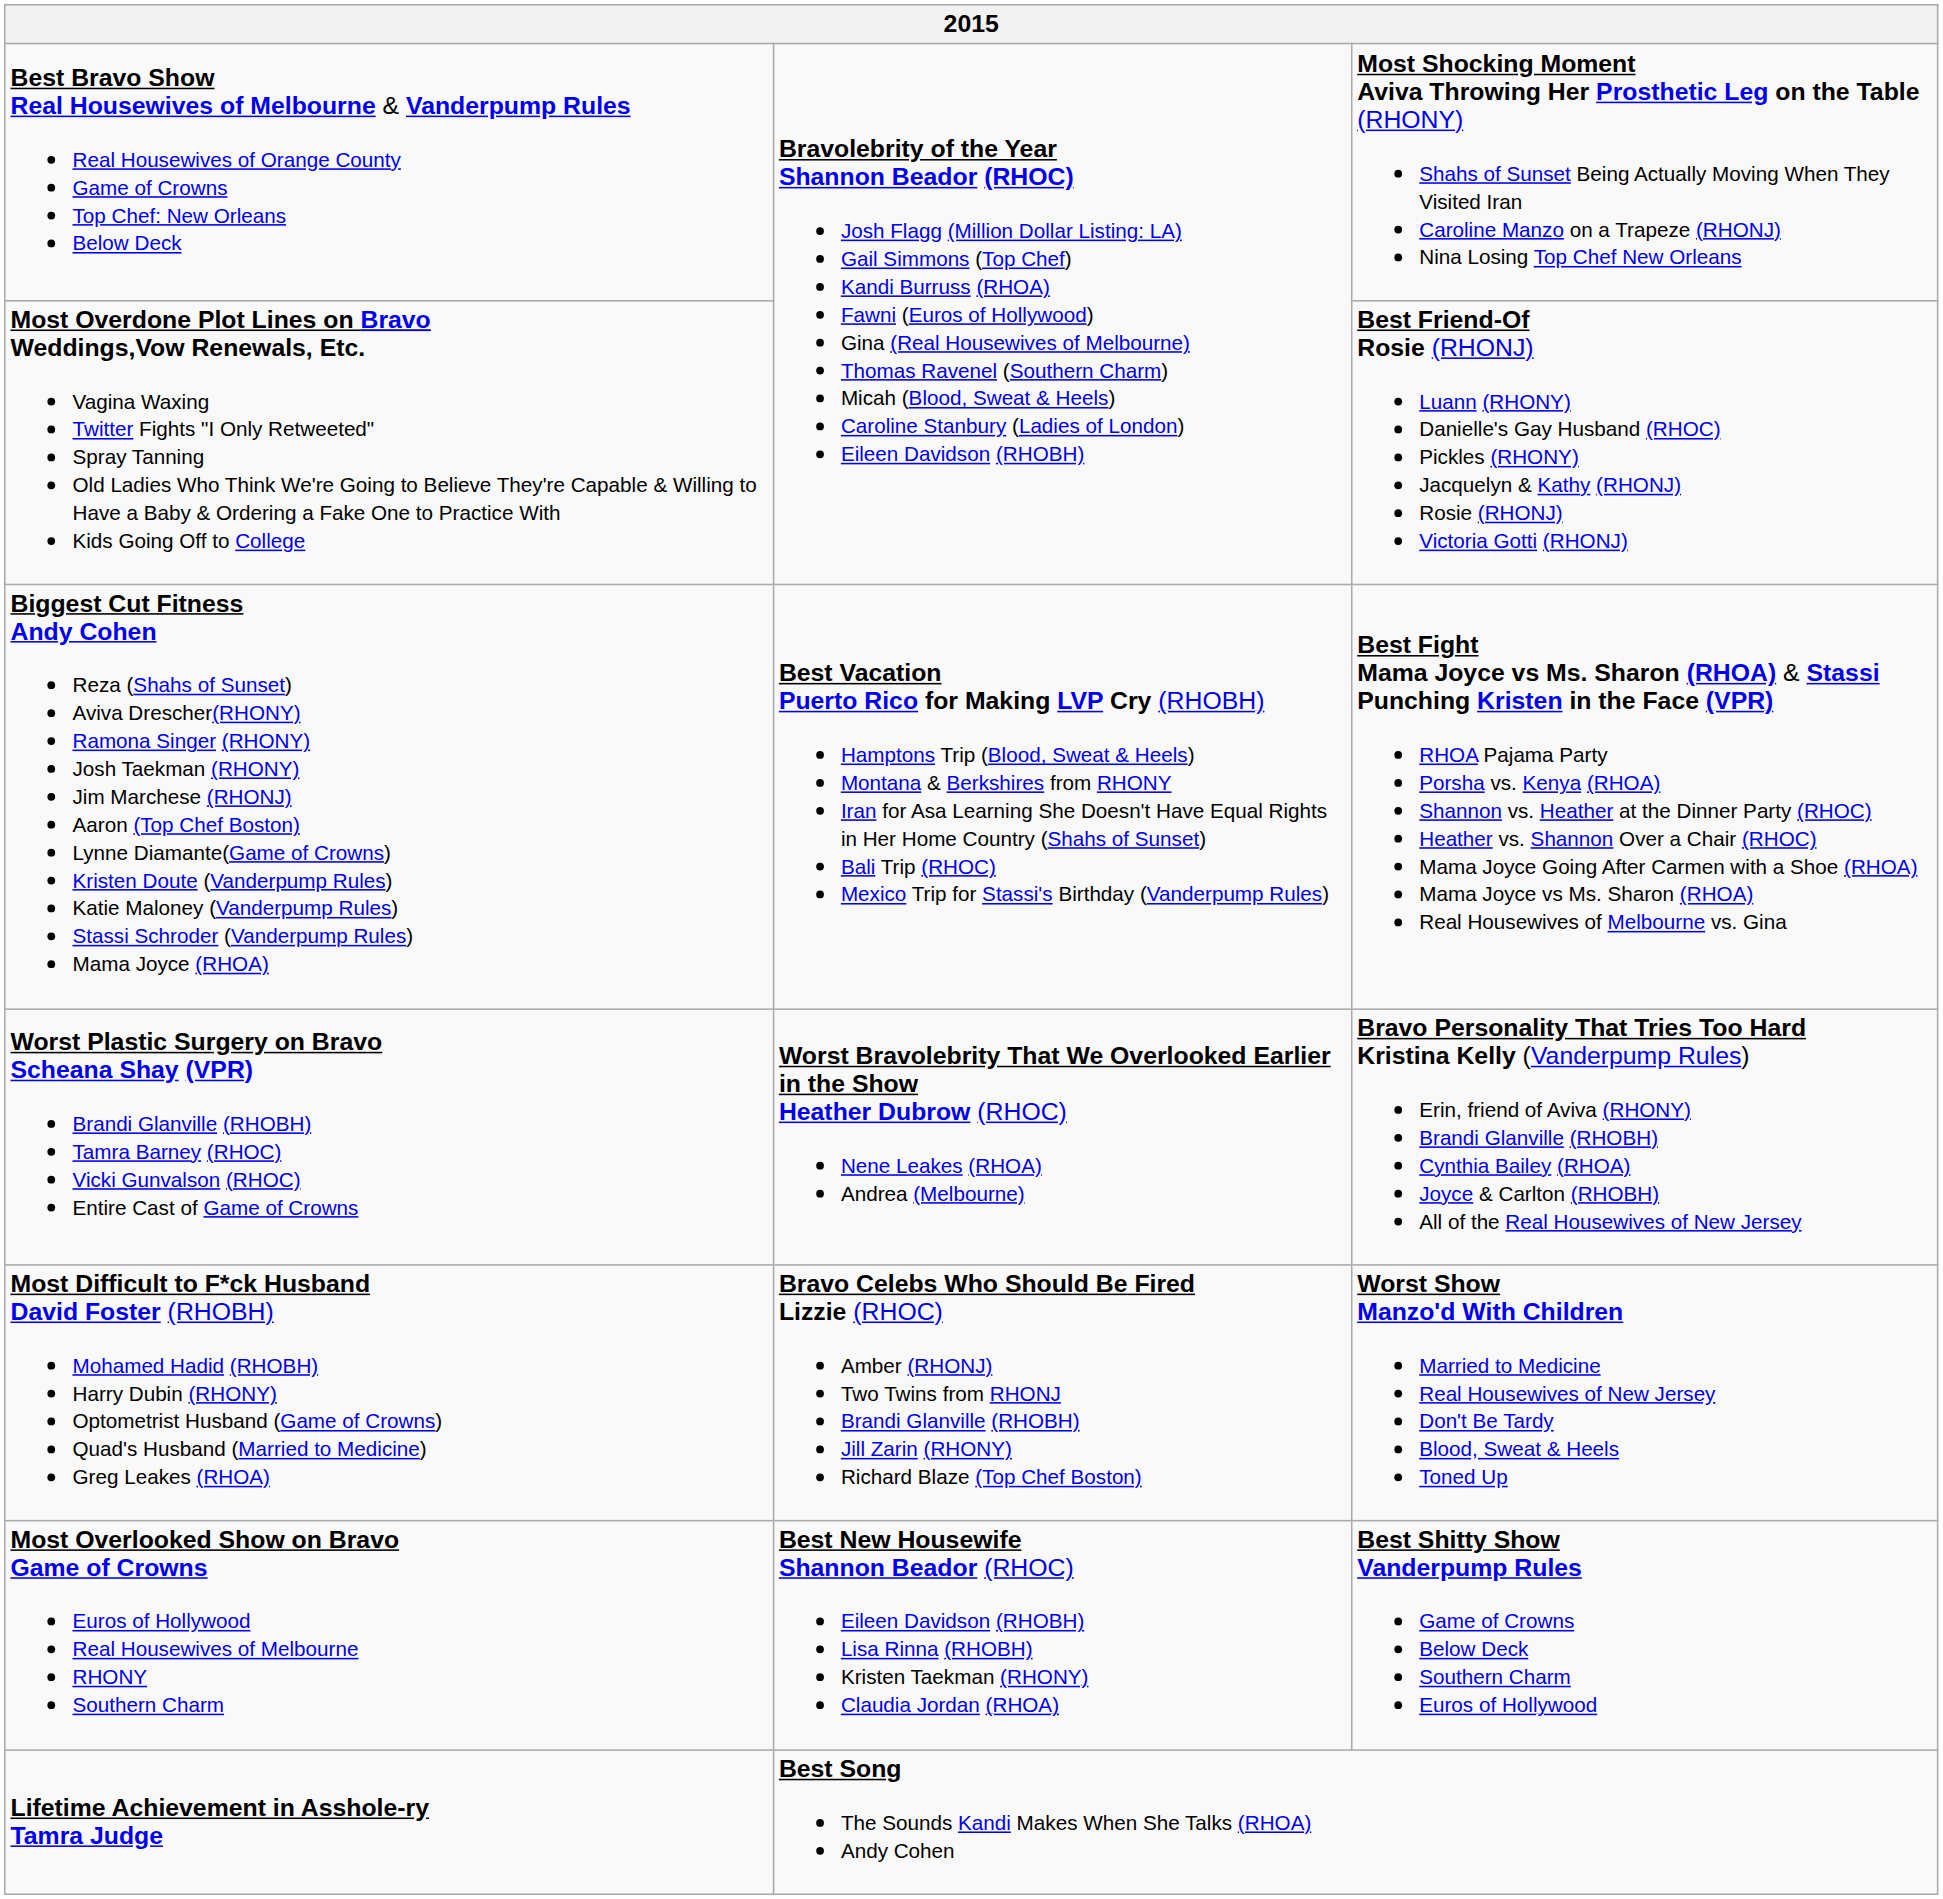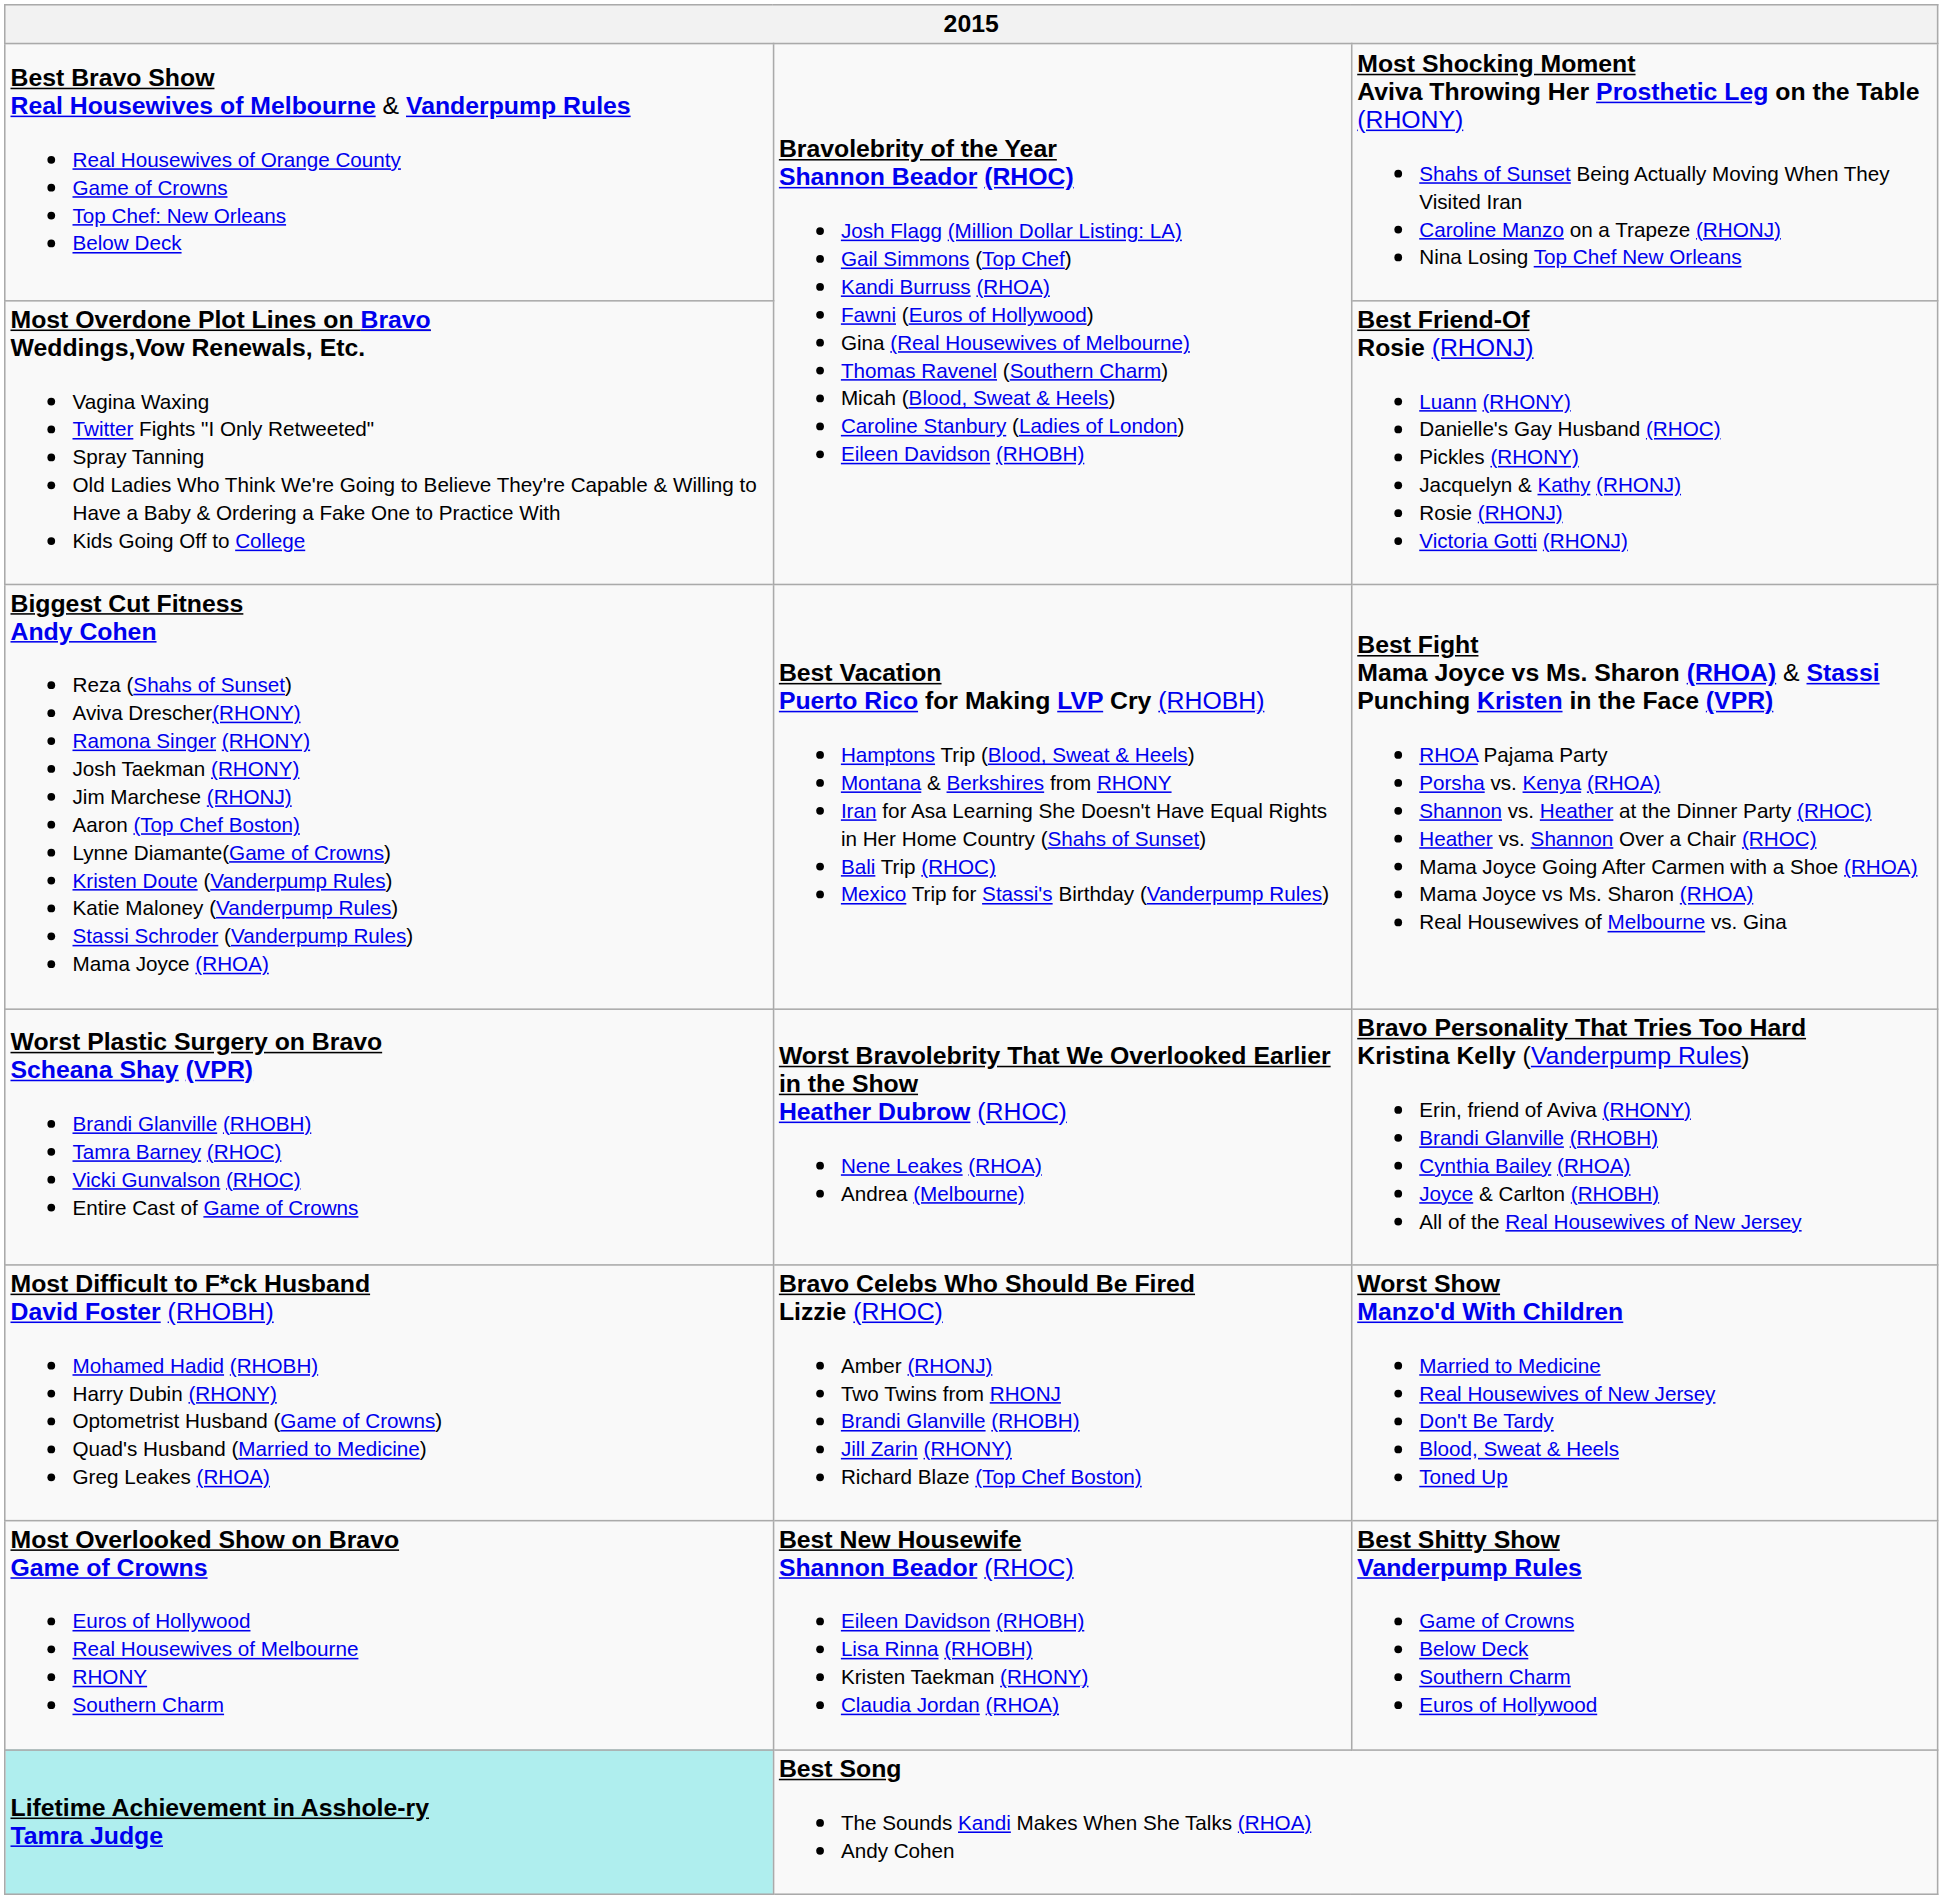 <table class="wikitable mw-collapsible mw-collapsed">
 <tr>
 <th colspan="3">2015</th>
 </tr>
 <tr>
 <td><strong><u>Best Bravo Show</u></strong><br><a href='#'><strong>Real Housewives of Melbourne</strong></a> & <strong><a href='#'>Vanderpump Rules</a></strong><ul><li><a href='#'><small>Real Housewives of Orange County</small></a></li><li><a href='#'><small>Game of Crowns</small></a></li><li><a href='#'><small>Top Chef: New Orleans</small></a></li><li><a href='#'><small>Below Deck</small></a></li></ul></td>
 <td rowspan="2"><strong><u>Bravolebrity of the Year</u></strong><br><strong><a href='#'>Shannon Beador</a> <a href='#'>(RHOC)</a></strong><ul><li><small><a href='#'>Josh Flagg</a> <a href='#'>(Million Dollar Listing: LA)</a></small></li><li><small><a href='#'>Gail Simmons</a> (<a href='#'>Top Chef</a>)</small></li><li><small><a href='#'>Kandi Burruss</a> <a href='#'>(RHOA)</a></small></li><li><small><a href='#'>Fawni</a> (<a href='#'>Euros of Hollywood</a>)</small></li><li><small>Gina <a href='#'>(Real Housewives of Melbourne)</a></small></li><li><small><a href='#'>Thomas Ravenel</a> (<a href='#'>Southern Charm</a>)</small></li><li><small>Micah (<a href='#'>Blood, Sweat & Heels</a>)</small></li><li><small><a href='#'>Caroline Stanbury</a> (<a href='#'>Ladies of London</a>)</small></li><li><small><a href='#'>Eileen Davidson</a> <a href='#'>(RHOBH)</a></small></li></ul></td>
 <td><strong><u>Most Shocking Moment</u></strong><br><strong>Aviva Throwing Her <a href='#'>Prosthetic Leg</a> on the Table</strong> <a href='#'>(RHONY)</a><ul><li><small><a href='#'>Shahs of Sunset</a> Being Actually Moving When They Visited Iran</small></li><li><small><a href='#'>Caroline Manzo</a> on a Trapeze <a href='#'>(RHONJ)</a></small></li><li><small>Nina Losing <a href='#'>Top Chef New Orleans</a></small></li></ul></td>
 </tr>
 <tr>
 <td><strong><u>Most Overdone Plot Lines on <a href='#'>Bravo</a></u></strong><br><strong>Weddings,Vow Renewals, Etc.</strong><ul><li><small>Vagina Waxing</small></li><li><small><a href='#'>Twitter</a> Fights "I Only Retweeted"</small></li><li><small>Spray Tanning</small></li><li><small>Old Ladies Who Think We're Going to Believe They're Capable & Willing to Have a Baby & Ordering a Fake One to Practice With</small></li><li><small>Kids Going Off to <a href='#'>College</a></small></li></ul></td>
 <td><strong><u>Best Friend-Of</u></strong><br><strong>Rosie</strong> <a href='#'>(RHONJ)</a><ul><li><small><a href='#'>Luann</a> <a href='#'>(RHONY)</a></small></li><li><small>Danielle's Gay Husband <a href='#'>(RHOC)</a></small></li><li><small>Pickles <a href='#'>(RHONY)</a></small></li><li><small>Jacquelyn & <a href='#'>Kathy</a> <a href='#'>(RHONJ)</a></small></li><li><small>Rosie <a href='#'>(RHONJ)</a></small></li><li><small><a href='#'>Victoria Gotti</a> <a href='#'>(RHONJ)</a></small></li></ul></td>
 </tr>
 <tr>
 <td><strong><u>Biggest Cut Fitness</u></strong><br><strong><a href='#'>Andy Cohen</a></strong><ul><li><small>Reza (<a href='#'>Shahs of Sunset</a>)</small></li><li><small>Aviva Drescher<a href='#'>(RHONY)</a></small></li><li><small><a href='#'>Ramona Singer</a> <a href='#'>(RHONY)</a></small></li><li><small>Josh Taekman <a href='#'>(RHONY)</a></small></li><li><small>Jim Marchese <a href='#'>(RHONJ)</a></small></li><li><small>Aaron <a href='#'>(Top Chef Boston)</a></small></li><li><small>Lynne Diamante(<a href='#'>Game of Crowns</a>)</small></li><li><small><a href='#'>Kristen Doute</a> (<a href='#'>Vanderpump Rules</a>)</small></li><li><small>Katie Maloney (<a href='#'>Vanderpump Rules</a>)</small></li><li><small><a href='#'>Stassi Schroder</a> (<a href='#'>Vanderpump Rules</a>)</small></li><li><small>Mama Joyce <a href='#'>(RHOA)</a></small></li></ul></td>
 <td><strong><u>Best Vacation</u></strong><br><strong><a href='#'>Puerto Rico</a> for Making <a href='#'>LVP</a> Cry</strong> <a href='#'>(RHOBH)</a><ul><li><small><a href='#'>Hamptons</a> Trip (<a href='#'>Blood, Sweat & Heels</a>)</small></li><li><small><a href='#'>Montana</a> & <a href='#'>Berkshires</a> from <a href='#'>RHONY</a></small></li><li><small><a href='#'>Iran</a> for Asa Learning She Doesn't Have Equal Rights in Her Home Country (<a href='#'>Shahs of Sunset</a>)</small></li><li><small><a href='#'>Bali</a> Trip <a href='#'>(RHOC)</a></small></li><li><small><a href='#'>Mexico</a> Trip for <a href='#'>Stassi's</a> Birthday (<a href='#'>Vanderpump Rules</a>)</small></li></ul></td>
 <td><strong><u>Best Fight</u></strong><br><strong>Mama Joyce vs Ms. Sharon <a href='#'>(RHOA)</a></strong> & <strong><a href='#'>Stassi</a> Punching <a href='#'>Kristen</a> in the Face <a href='#'>(VPR)</a></strong><ul><li><small><a href='#'>RHOA</a> Pajama Party</small></li><li><small><a href='#'>Porsha</a> vs. <a href='#'>Kenya</a> <a href='#'>(RHOA)</a></small></li><li><small><a href='#'>Shannon</a> vs. <a href='#'>Heather</a> at the Dinner Party <a href='#'>(RHOC)</a></small></li><li><small><a href='#'>Heather</a> vs. <a href='#'>Shannon</a> Over a Chair <a href='#'>(RHOC)</a></small></li><li><small>Mama Joyce Going After Carmen with a Shoe <a href='#'>(RHOA)</a></small></li><li><small>Mama Joyce vs Ms. Sharon <a href='#'>(RHOA)</a></small></li><li><small>Real Housewives of <a href='#'>Melbourne</a> vs. Gina</small></li></ul></td>
 </tr>
 <tr>
 <td><strong><u>Worst Plastic Surgery on Bravo</u></strong><br><strong><a href='#'>Scheana Shay</a> <a href='#'>(VPR)</a></strong><ul><li><small><a href='#'>Brandi Glanville</a> <a href='#'>(RHOBH)</a></small></li><li><small><a href='#'>Tamra Barney</a> <a href='#'>(RHOC)</a></small></li><li><small><a href='#'>Vicki Gunvalson</a> <a href='#'>(RHOC)</a></small></li><li><small>Entire Cast of <a href='#'>Game of Crowns</a></small></li></ul></td>
 <td><strong><u>Worst Bravolebrity That We Overlooked Earlier in the Show</u></strong><br><strong><a href='#'>Heather Dubrow</a></strong> <a href='#'>(RHOC)</a><ul><li><small><a href='#'>Nene Leakes</a> <a href='#'>(RHOA)</a></small></li><li><small>Andrea <a href='#'>(Melbourne)</a></small></li></ul></td>
 <td><strong><u>Bravo Personality That Tries Too Hard</u></strong><br><strong>Kristina Kelly</strong> (<a href='#'>Vanderpump Rules</a>)<ul><li><small>Erin, friend of Aviva <a href='#'>(RHONY)</a></small></li><li><small><a href='#'>Brandi Glanville</a> <a href='#'>(RHOBH)</a></small></li><li><small><a href='#'>Cynthia Bailey</a> <a href='#'>(RHOA)</a></small></li><li><small><a href='#'>Joyce</a> & Carlton <a href='#'>(RHOBH)</a></small></li><li><small>All of the <a href='#'>Real Housewives of New Jersey</a></small></li></ul></td>
 </tr>
 <tr>
 <td><strong><u>Most Difficult to F*ck Husband</u></strong><br><strong><a href='#'>David Foster</a></strong> <a href='#'>(RHOBH)</a><ul><li><small><a href='#'>Mohamed Hadid</a> <a href='#'>(RHOBH)</a></small></li><li><small>Harry Dubin <a href='#'>(RHONY)</a></small></li><li><small>Optometrist Husband (<a href='#'>Game of Crowns</a>)</small></li><li><small>Quad's Husband (<a href='#'>Married to Medicine</a>)</small></li><li><small>Greg Leakes <a href='#'>(RHOA)</a></small></li></ul></td>
 <td><strong><u>Bravo Celebs Who Should Be Fired</u></strong><br><strong>Lizzie</strong> <a href='#'>(RHOC)</a><ul><li><small>Amber <a href='#'>(RHONJ)</a></small></li><li><small>Two Twins from <a href='#'>RHONJ</a></small></li><li><small><a href='#'>Brandi Glanville</a> <a href='#'>(RHOBH)</a></small></li><li><small><a href='#'>Jill Zarin</a> <a href='#'>(RHONY)</a></small></li><li><small>Richard Blaze <a href='#'>(Top Chef Boston)</a></small></li></ul></td>
 <td><strong><u>Worst Show</u></strong><br><a href='#'><strong>Manzo'd With Children</strong></a><ul><li><a href='#'><small>Married to Medicine</small></a></li><li><a href='#'><small>Real Housewives of New Jersey</small></a></li><li><a href='#'><small>Don't Be Tardy</small></a></li><li><a href='#'><small>Blood, Sweat & Heels</small></a></li><li><a href='#'><small>Toned Up</small></a></li></ul></td>
 </tr>
 <tr>
 <td><strong><u>Most Overlooked Show on Bravo</u></strong><br><strong><a href='#'>Game of Crowns</a></strong><ul><li><a href='#'><small>Euros of Hollywood</small></a></li><li><a href='#'><small>Real Housewives of Melbourne</small></a></li><li><a href='#'><small>RHONY</small></a></li><li><a href='#'><small>Southern Charm</small></a></li></ul></td>
 <td><strong><u>Best New Housewife</u></strong><br><strong><a href='#'>Shannon Beador</a></strong> <a href='#'>(RHOC)</a><ul><li><small><a href='#'>Eileen Davidson</a> <a href='#'>(RHOBH)</a></small></li><li><small><a href='#'>Lisa Rinna</a> <a href='#'>(RHOBH)</a></small></li><li><small>Kristen Taekman <a href='#'>(RHONY)</a></small></li><li><small><a href='#'>Claudia Jordan</a> <a href='#'>(RHOA)</a></small></li></ul></td>
 <td><strong><u>Best Shitty Show</u></strong><br><strong><a href='#'>Vanderpump Rules</a></strong><ul><li><a href='#'><small>Game of Crowns</small></a></li><li><a href='#'><small>Below Deck</small></a></li><li><a href='#'><small>Southern Charm</small></a></li><li><a href='#'><small>Euros of Hollywood</small></a></li></ul></td>
 </tr>
 <tr>
-<td><strong><u>Lifetime Achievement in Asshole-ry</u></strong><br><strong><a href='#'>Tamra Judge</a></strong></td>
+<td style="background: paleturquoise;"><strong><u>Lifetime Achievement in Asshole-ry</u></strong><br><strong><a href='#'>Tamra Judge</a></strong></td>
 <td colspan="2"><strong><u>Best Song</u></strong><br><ul><li><small>The Sounds <a href='#'>Kandi</a> Makes When She Talks <a href='#'>(RHOA)</a></small></li><li><small>Andy Cohen</small></li></ul></td>
 </tr>
 </table>
